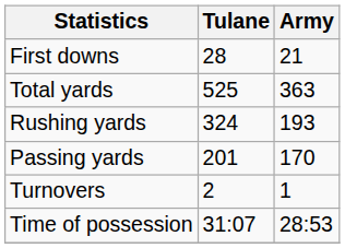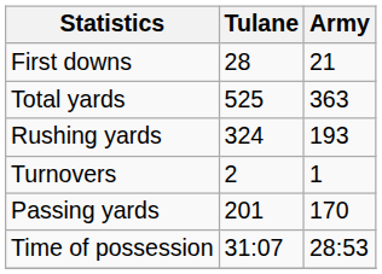 <table class="wikitable" style="float: left;">
 <tr>
 <th>Statistics</th>
 <th>Tulane</th>
 <th>Army</th>
 </tr>
 <tr>
 <td>First downs</td>
 <td>28</td>
 <td>21</td>
 </tr>
 <tr>
 <td>Total yards</td>
 <td>525</td>
 <td>363</td>
 </tr>
 <tr>
 <td>Rushing yards</td>
 <td>324</td>
 <td>193</td>
 </tr>
 <tr>
+<td>Turnovers</td>
+<td>2</td>
+<td>1</td>
+</tr>
+<tr>
 <td>Passing yards</td>
 <td>201</td>
 <td>170</td>
-</tr>
-<tr>
-<td>Turnovers</td>
-<td>2</td>
-<td>1</td>
 </tr>
 <tr>
 <td>Time of possession</td>
 <td>31:07</td>
 <td>28:53</td>
 </tr>
 <tr>
 </tr>
 </table>
